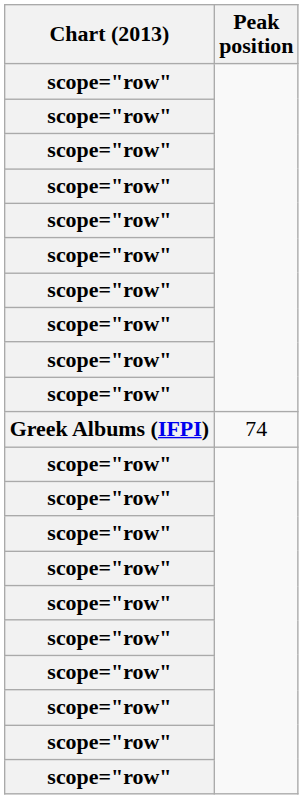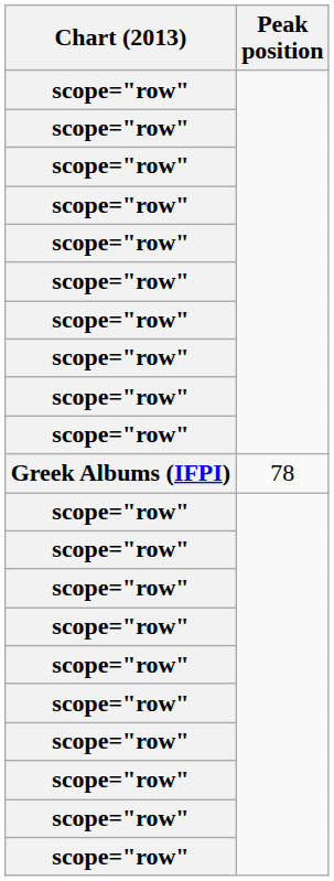 <table class="wikitable sortable plainrowheaders">
 <tr>
 <th scope="col">Chart (2013)</th>
 <th scope="col">Peak<br>position</th>
 </tr>
 <tr>
 <th>scope="row"</th>
 </tr>
 <tr>
 <th>scope="row"</th>
 </tr>
 <tr>
 <th>scope="row"</th>
 </tr>
 <tr>
 <th>scope="row"</th>
 </tr>
 <tr>
 <th>scope="row"</th>
 </tr>
 <tr>
 <th>scope="row"</th>
 </tr>
 <tr>
 <th>scope="row"</th>
 </tr>
 <tr>
 <th>scope="row"</th>
 </tr>
 <tr>
 <th>scope="row"</th>
 </tr>
 <tr>
 <th>scope="row"</th>
 </tr>
 <tr>
 <th scope="row">Greek Albums (<a href='#'>IFPI</a>)</th>
-<td style="text-align:center;">74</td>
+<td style="text-align:center;">78</td>
 </tr>
 <tr>
 <th>scope="row"</th>
 </tr>
 <tr>
 <th>scope="row"</th>
 </tr>
 <tr>
 <th>scope="row"</th>
 </tr>
 <tr>
 <th>scope="row"</th>
 </tr>
 <tr>
 <th>scope="row"</th>
 </tr>
 <tr>
 <th>scope="row"</th>
 </tr>
 <tr>
 <th>scope="row"</th>
 </tr>
 <tr>
 <th>scope="row"</th>
 </tr>
 <tr>
 <th>scope="row"</th>
 </tr>
 <tr>
 <th>scope="row"</th>
 </tr>
 </table>
